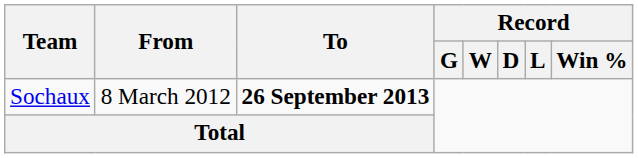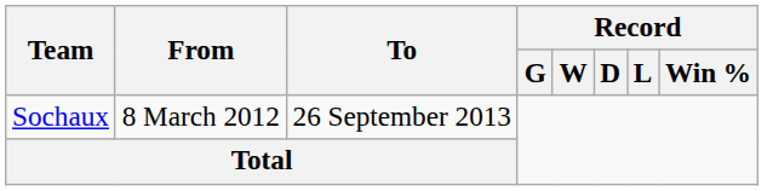 <table class="wikitable" style="text-align: center">
 <tr>
 <th rowspan="2">Team</th>
 <th rowspan="2">From</th>
 <th rowspan="2">To</th>
 <th colspan="5">Record</th>
 </tr>
 <tr>
 <th>G</th>
 <th>W</th>
 <th>D</th>
 <th>L</th>
 <th>Win %</th>
 </tr>
 <tr>
 <td align=left><a href='#'>Sochaux</a></td>
 <td align=left>8 March 2012</td>
-<td align=left><strong>26 September 2013<br></strong></td>
+<td align=left>26 September 2013<br></td>
 </tr>
 <tr>
 <th colspan="3">Total<br></th>
 </tr>
 </table>
